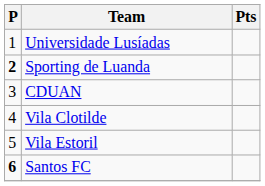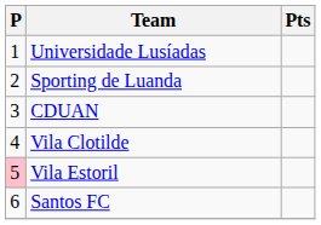 <table class="wikitable">
 <tr>
 <th>P</th>
 <th width=205>Team</th>
 <th>Pts</th>
 </tr>
 <tr>
 <td>1</td>
 <td><a href='#'>Universidade Lusíadas</a></td>
 <td></td>
 </tr>
 <tr>
-<td><strong>2</strong></td>
+<td>2</td>
 <td><a href='#'>Sporting de Luanda</a></td>
 <td></td>
 </tr>
 <tr>
 <td>3</td>
 <td><a href='#'>CDUAN</a></td>
 <td></td>
 </tr>
 <tr>
 <td>4</td>
 <td><a href='#'>Vila Clotilde</a></td>
 <td></td>
 </tr>
 <tr>
-<td>5</td>
+<td style="background: pink;">5</td>
 <td><a href='#'>Vila Estoril</a></td>
 <td></td>
 </tr>
 <tr>
-<td><strong>6</strong></td>
+<td>6</td>
 <td><a href='#'>Santos FC</a></td>
 <td></td>
 </tr>
 <tr>
 </tr>
 </table>
